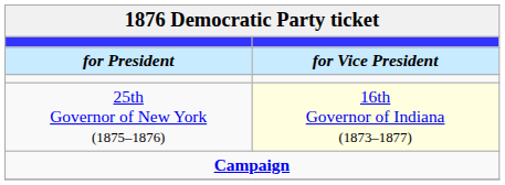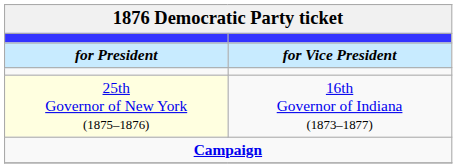 <table class="wikitable" style="font-size:90%; text-align:center;">
 <tr>
 <td style="background:#f1f1f1;" colspan="30"><big><strong>1876 Democratic Party ticket</strong></big></td>
 </tr>
 <tr>
 <th style="width:3em; font-size:135%; background:#3333FF; width:200px;"><a href='#'></a></th>
 <th style="width:3em; font-size:135%; background:#3333FF; width:200px;"><a href='#'></a></th>
 </tr>
 <tr>
 <td style="width:3em; font-size:100%; color:#000; background:#C8EBFF; width:200px;"><strong><em>for President</em></strong></td>
 <td style="width:3em; font-size:100%; color:#000; background:#C8EBFF; width:200px;"><strong><em>for Vice President</em></strong></td>
 </tr>
 <tr>
 <td></td>
 <td></td>
 </tr>
 <tr>
-<td><a href='#'>25th</a><br><a href='#'>Governor of New York</a><br><small>(1875–1876)</small></td>
-<td style="background: lightyellow;"><a href='#'>16th</a><br><a href='#'>Governor of Indiana</a><br><small>(1873–1877)</small></td>
+<td style="background: lightyellow;"><a href='#'>25th</a><br><a href='#'>Governor of New York</a><br><small>(1875–1876)</small></td>
+<td><a href='#'>16th</a><br><a href='#'>Governor of Indiana</a><br><small>(1873–1877)</small></td>
 </tr>
 <tr>
 <td colspan=2><a href='#'><strong>Campaign</strong></a></td>
 </tr>
 <tr>
 </tr>
 </table>
